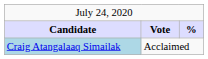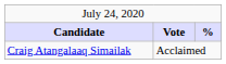 <table class="wikitable">
 <tr>
 <td colspan=3 align=center>July 24, 2020</td>
 </tr>
 <tr>
 <th style="background:#ddf; width:200px;">Candidate</th>
 <th style="background:#ddf; width:50px;">Vote</th>
 <th style="background:#ddf; width:30px;">%</th>
 </tr>
 <tr>
-<td style="background: lightblue;"><a href='#'>Craig Atangalaaq Simailak</a></td>
+<td><a href='#'>Craig Atangalaaq Simailak</a></td>
 <td colspan="2">Acclaimed</td>
 </tr>
 </table>
